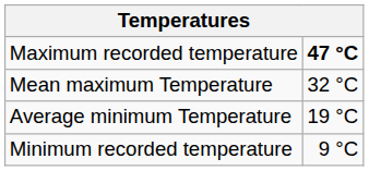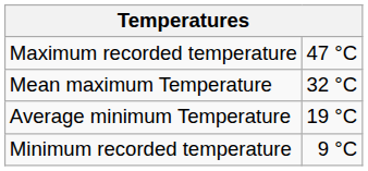 <table class="wikitable">
 <tr>
 <th colspan="2">Temperatures</th>
 </tr>
 <tr>
 <td>Maximum recorded temperature</td>
-<td align="right"><strong>47 °C</strong></td>
+<td align="right">47 °C</td>
 </tr>
 <tr>
 <td>Mean maximum Temperature</td>
 <td align="right">32 °C</td>
 </tr>
 <tr>
 <td>Average minimum Temperature</td>
 <td align="right">19 °C</td>
 </tr>
 <tr>
 <td>Minimum recorded temperature</td>
 <td align="right">9 °C</td>
 </tr>
 </table>
